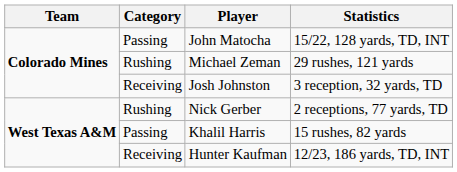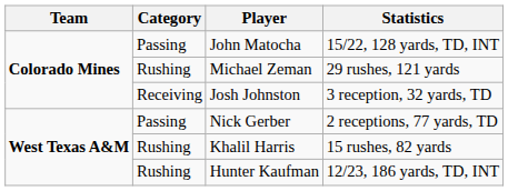 <table class="wikitable" style="float: right;">
 <tr>
 <th>Team</th>
 <th>Category</th>
 <th>Player</th>
 <th>Statistics</th>
 </tr>
 <tr>
 <td rowspan=3><strong>Colorado Mines</strong></td>
 <td>Passing</td>
 <td>John Matocha</td>
 <td>15/22, 128 yards, TD, INT</td>
 </tr>
 <tr>
 <td>Rushing</td>
 <td>Michael Zeman</td>
 <td>29 rushes, 121 yards</td>
 </tr>
 <tr>
 <td>Receiving</td>
 <td>Josh Johnston</td>
 <td>3 reception, 32 yards, TD</td>
 </tr>
 <tr>
 <td rowspan=3><strong>West Texas A&M</strong></td>
-<td>Rushing</td>
+<td>Passing</td>
 <td>Nick Gerber</td>
 <td>2 receptions, 77 yards, TD</td>
 </tr>
 <tr>
-<td>Passing</td>
+<td>Rushing</td>
 <td>Khalil Harris</td>
 <td>15 rushes, 82 yards</td>
 </tr>
 <tr>
-<td>Receiving</td>
+<td>Rushing</td>
 <td>Hunter Kaufman</td>
 <td>12/23, 186 yards, TD, INT</td>
 </tr>
 </table>
